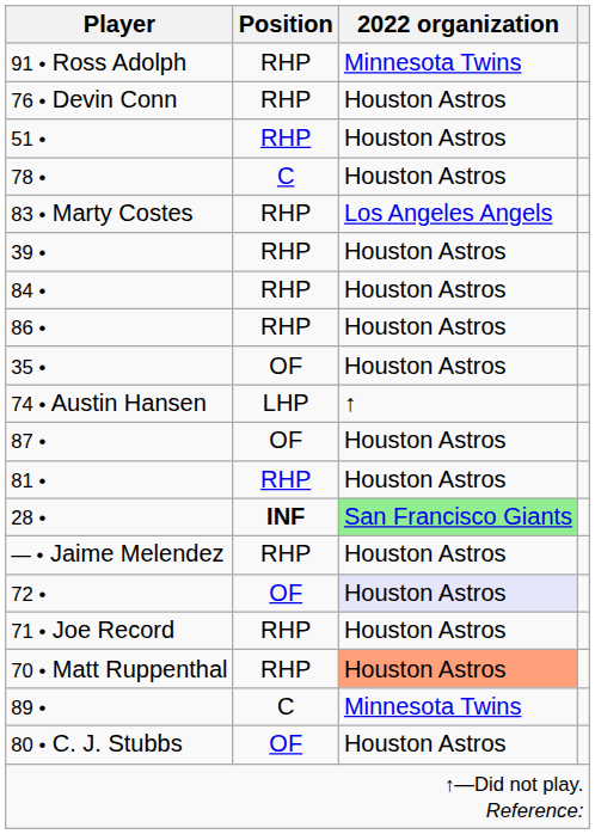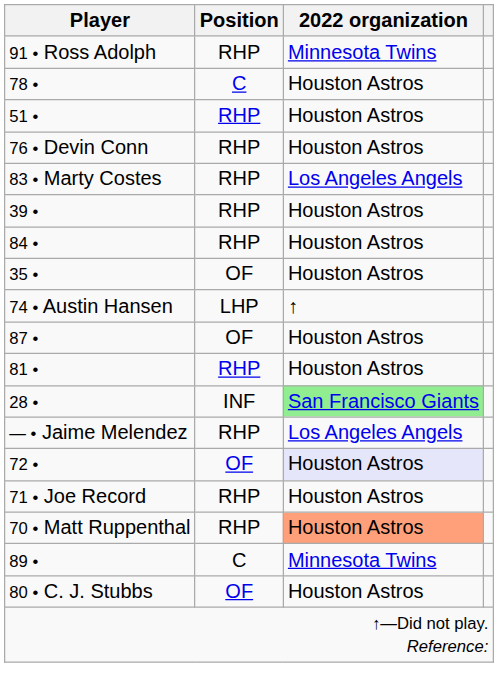 <table class="wikitable sortable">
 <tr>
 <th>Player</th>
 <th>Position</th>
 <th>2022 organization</th>
 <th></th>
 </tr>
 <tr>
 <td><small>91 •</small> Ross Adolph</td>
 <td align=center>RHP</td>
 <td><a href='#'>Minnesota Twins</a></td>
 <td align=center></td>
 </tr>
 <tr>
-<td><small>76 •</small> Devin Conn</td>
-<td align=center>RHP</td>
+<td><small>78 •</small> </td>
+<td align=center><a href='#'>C</a></td>
 <td>Houston Astros</td>
 <td align=center></td>
 </tr>
 <tr>
 <td><small>51 •</small> </td>
 <td align=center><a href='#'>RHP</a></td>
 <td>Houston Astros</td>
 <td align=center></td>
 </tr>
 <tr>
-<td><small>78 •</small> </td>
-<td align=center><a href='#'>C</a></td>
+<td><small>76 •</small> Devin Conn</td>
+<td align=center>RHP</td>
 <td>Houston Astros</td>
 <td align=center></td>
 </tr>
 <tr>
 <td><small>83 •</small> Marty Costes</td>
 <td align=center>RHP</td>
 <td><a href='#'>Los Angeles Angels</a></td>
 <td align=center></td>
 </tr>
 <tr>
 <td><small>39 •</small> </td>
 <td align=center>RHP</td>
 <td>Houston Astros</td>
 <td align=center></td>
 </tr>
 <tr>
 <td><small>84 •</small> </td>
-<td align=center>RHP</td>
-<td>Houston Astros</td>
-<td align=center></td>
-</tr>
-<tr>
-<td><small>86 •</small> </td>
 <td align=center>RHP</td>
 <td>Houston Astros</td>
 <td align=center></td>
 </tr>
 <tr>
 <td><small>35 •</small> </td>
 <td align=center>OF</td>
 <td>Houston Astros</td>
 <td align=center></td>
 </tr>
 <tr>
 <td><small>74 •</small> Austin Hansen</td>
 <td align=center>LHP</td>
 <td>↑</td>
 <td align=center></td>
 </tr>
 <tr>
 <td><small>87 •</small> </td>
 <td align=center>OF</td>
 <td>Houston Astros</td>
 <td align=center></td>
 </tr>
 <tr>
 <td><small>81 •</small> </td>
 <td align=center><a href='#'>RHP</a></td>
 <td>Houston Astros</td>
 <td align=center></td>
 </tr>
 <tr>
 <td><small>28 •</small> </td>
-<td align=center><strong>INF</strong></td>
+<td align=center>INF</td>
 <td style="background: lightgreen;"><a href='#'>San Francisco Giants</a></td>
 <td align=center></td>
 </tr>
 <tr>
 <td><small>— •</small> Jaime Melendez</td>
 <td align=center>RHP</td>
-<td>Houston Astros</td>
+<td><a href='#'>Los Angeles Angels</a></td>
 <td align=center></td>
 </tr>
 <tr>
 <td><small>72 •</small> </td>
 <td align=center><a href='#'>OF</a></td>
 <td style="background: lavender;">Houston Astros</td>
 <td align=center></td>
 </tr>
 <tr>
 <td><small>71 •</small> Joe Record</td>
 <td align=center>RHP</td>
 <td>Houston Astros</td>
 <td align=center></td>
 </tr>
 <tr>
 <td><small>70 •</small> Matt Ruppenthal</td>
 <td align=center>RHP</td>
 <td style="background: lightsalmon;">Houston Astros</td>
 <td align=center></td>
 </tr>
 <tr>
 <td><small>89 •</small> </td>
 <td align=center>C</td>
 <td><a href='#'>Minnesota Twins</a></td>
 <td align=center></td>
 </tr>
 <tr>
 <td><small>80 •</small> C. J. Stubbs</td>
 <td align=center><a href='#'>OF</a></td>
 <td>Houston Astros</td>
 <td align=center></td>
 </tr>
 <tr class="sortbottom">
 <td style="text-align:right"; colspan="4"><small>↑—Did not play.<br> <em>Reference:</em></small></td>
 </tr>
 </table>
